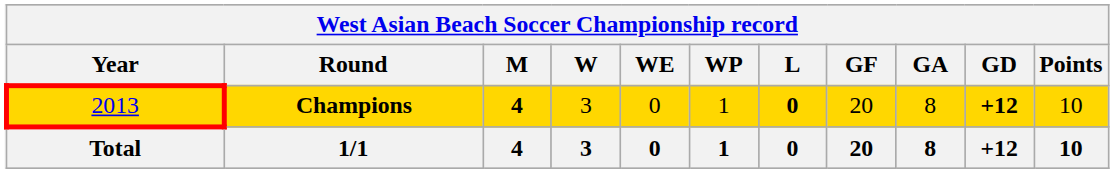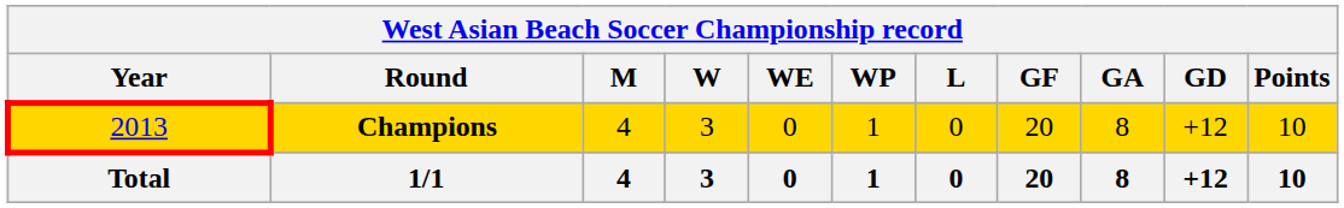 <table class="wikitable" style="text-align: center;font-size:90%;">
 <tr>
 <th colspan=11><a href='#'>West Asian Beach Soccer Championship record</a></th>
 </tr>
 <tr>
 <th width=125>Year</th>
 <th width=150>Round</th>
 <th width=35>M</th>
 <th width=35>W</th>
 <th width=35>WE</th>
 <th width=35>WP</th>
 <th width=35>L</th>
 <th width=35>GF</th>
 <th width=35>GA</th>
 <th width=35>GD</th>
 <th width=35>Points</th>
 </tr>
 <tr bgcolor=gold>
 <td style="border: 3px solid red"> <a href='#'>2013</a></td>
 <td><strong>Champions</strong></td>
-<td><strong>4</strong></td>
+<td>4</td>
 <td>3</td>
 <td>0</td>
 <td>1</td>
-<td><strong>0</strong></td>
+<td>0</td>
 <td>20</td>
 <td>8</td>
-<td><strong>+12</strong></td>
+<td>+12</td>
 <td>10</td>
 </tr>
 <tr>
 <th>Total</th>
 <th>1/1</th>
 <th>4</th>
 <th>3</th>
 <th>0</th>
 <th>1</th>
 <th>0</th>
 <th>20</th>
 <th>8</th>
 <th>+12</th>
 <th>10</th>
 </tr>
 </table>
